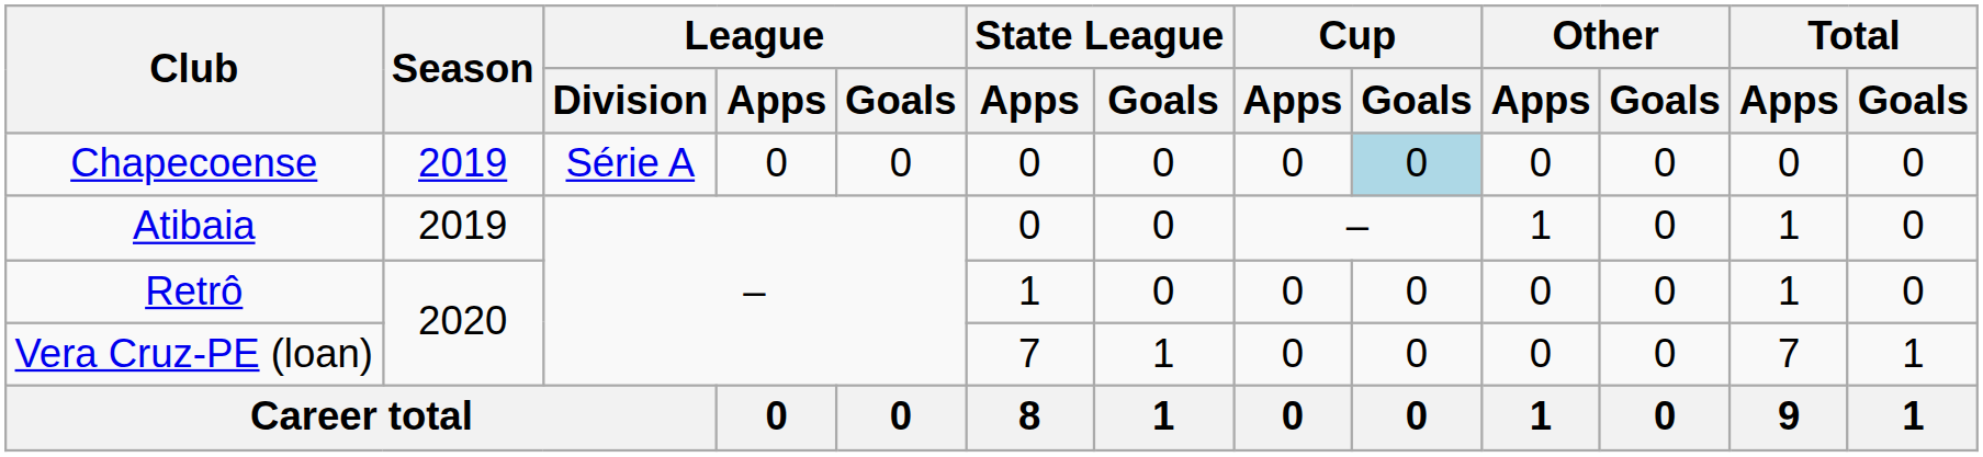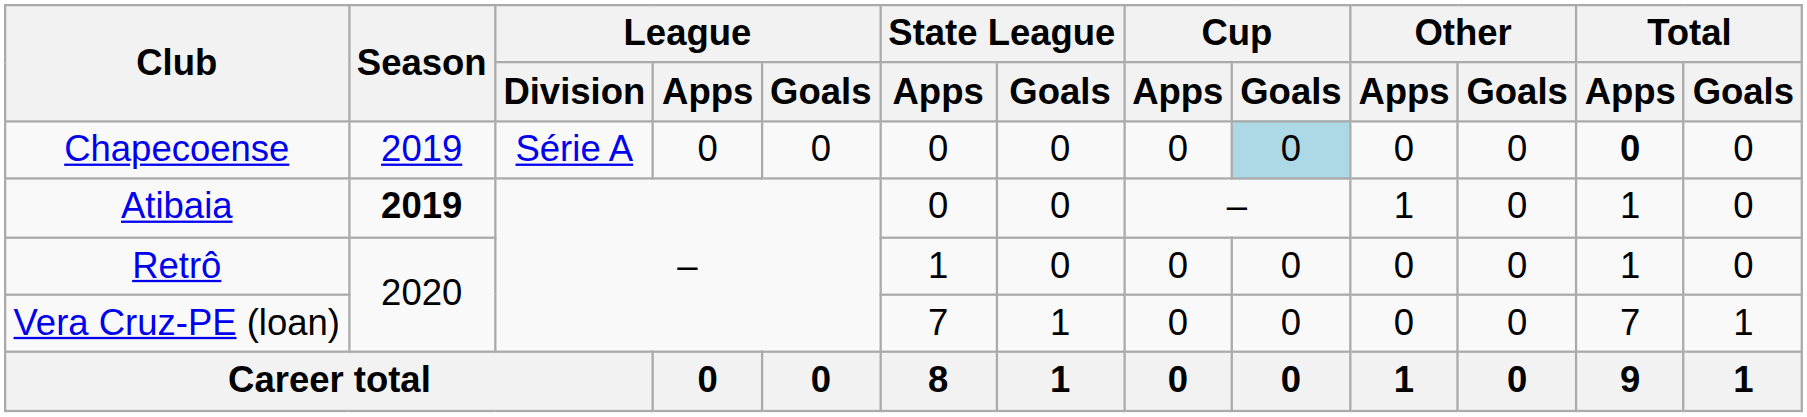 <table class="wikitable" style="text-align: center">
 <tr>
 <th rowspan="2">Club</th>
 <th rowspan="2">Season</th>
 <th colspan="3">League</th>
 <th colspan="2">State League</th>
 <th colspan="2">Cup</th>
 <th colspan="2">Other</th>
 <th colspan="2">Total</th>
 </tr>
 <tr>
 <th>Division</th>
 <th>Apps</th>
 <th>Goals</th>
 <th>Apps</th>
 <th>Goals</th>
 <th>Apps</th>
 <th>Goals</th>
 <th>Apps</th>
 <th>Goals</th>
 <th>Apps</th>
 <th>Goals</th>
 </tr>
 <tr>
 <td><a href='#'>Chapecoense</a></td>
 <td><a href='#'>2019</a></td>
 <td><a href='#'>Série A</a></td>
 <td>0</td>
 <td>0</td>
 <td>0</td>
 <td>0</td>
 <td>0</td>
 <td style="background: lightblue;">0</td>
 <td>0</td>
 <td>0</td>
-<td>0</td>
+<td><strong>0</strong></td>
 <td>0</td>
 </tr>
 <tr>
 <td><a href='#'>Atibaia</a></td>
-<td>2019</td>
+<td><strong>2019</strong></td>
 <td colspan="3" rowspan="3">–</td>
 <td>0</td>
 <td>0</td>
 <td colspan="2">–</td>
 <td>1</td>
 <td>0</td>
 <td>1</td>
 <td>0</td>
 </tr>
 <tr>
 <td><a href='#'>Retrô</a></td>
 <td rowspan="2">2020</td>
 <td>1</td>
 <td>0</td>
 <td>0</td>
 <td>0</td>
 <td>0</td>
 <td>0</td>
 <td>1</td>
 <td>0</td>
 </tr>
 <tr>
 <td><a href='#'>Vera Cruz-PE</a> (loan)</td>
 <td>7</td>
 <td>1</td>
 <td>0</td>
 <td>0</td>
 <td>0</td>
 <td>0</td>
 <td>7</td>
 <td>1</td>
 </tr>
 <tr>
 <th colspan="3"><strong>Career total</strong></th>
 <th>0</th>
 <th>0</th>
 <th>8</th>
 <th>1</th>
 <th>0</th>
 <th>0</th>
 <th>1</th>
 <th>0</th>
 <th>9</th>
 <th>1</th>
 </tr>
 </table>
